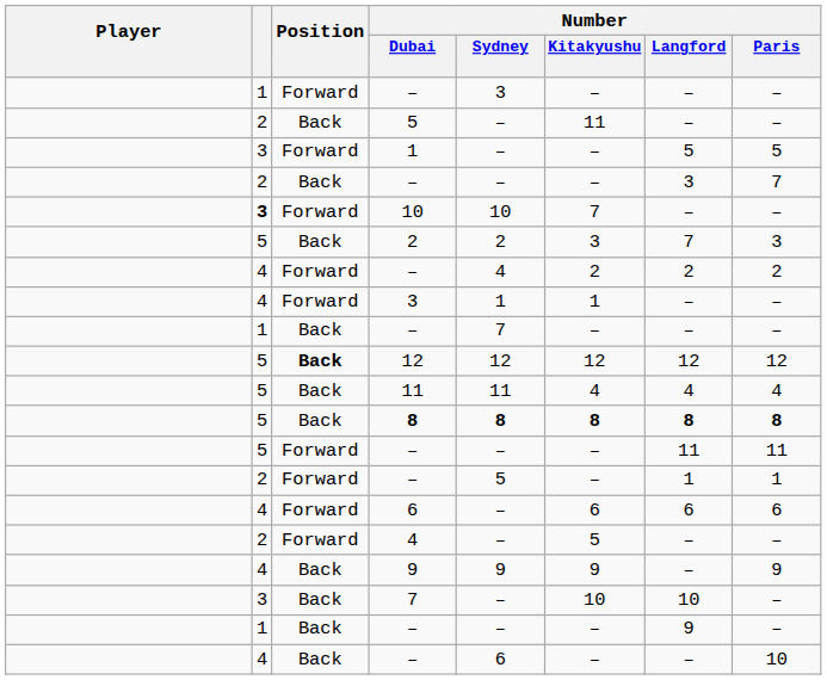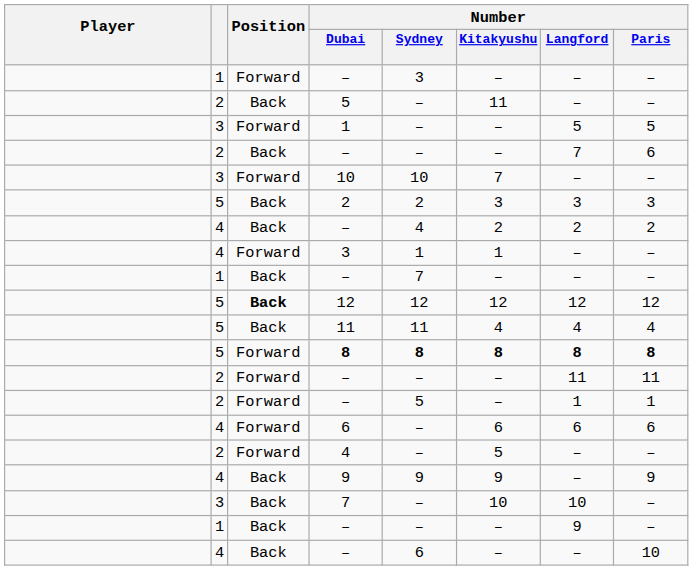 <table class="wikitable sortable" style="text-align:center;">
 <tr>
 <th rowspan="2" style="border-bottom:0; width:13em;">Player</th>
 <th rowspan="2" style="border-bottom:0;"></th>
 <th rowspan="2" style="border-bottom:0;">Position</th>
 <th colspan=5>Number</th>
 </tr>
 <tr>
 <th style="vertical-align:top; width:5.2em; border-bottom:0; padding:2px; font-size:85%;"><a href='#'>Dubai</a></th>
 <th style="vertical-align:top; width:5.2em; border-bottom:0; padding:2px; font-size:85%;"><a href='#'>Sydney</a></th>
 <th style="vertical-align:top; width:5.2em; border-bottom:0; padding:2px; font-size:85%;"><a href='#'>Kitakyushu</a></th>
 <th style="vertical-align:top; width:5.2em; border-bottom:0; padding:2px; font-size:85%;"><a href='#'>Langford</a></th>
 <th style="vertical-align:top; width:5.2em; border-bottom:0; padding:2px; font-size:85%;"><a href='#'>Paris</a></th>
 </tr>
 <tr style="line-height:8px;">
 <th style="border-top:0;"> </th>
 <th style="border-top:0;"></th>
 <th style="border-top:0;"></th>
 <th data-sort-type="number" style="border-top:0;"></th>
 <th data-sort-type="number" style="border-top:0;"></th>
 <th data-sort-type="number" style="border-top:0;"></th>
 <th data-sort-type="number" style="border-top:0;"></th>
 <th data-sort-type="number" style="border-top:0;"></th>
 </tr>
 <tr>
 <td align=left></td>
 <td>1</td>
 <td>Forward</td>
 <td>–</td>
 <td>3</td>
 <td>–</td>
 <td>–</td>
 <td>–</td>
 </tr>
 <tr>
 <td align=left></td>
 <td>2</td>
 <td>Back</td>
 <td>5</td>
 <td>–</td>
 <td>11</td>
 <td>–</td>
 <td>–</td>
 </tr>
 <tr>
 <td align=left></td>
 <td>3</td>
 <td>Forward</td>
 <td>1</td>
 <td>–</td>
 <td>–</td>
 <td>5</td>
 <td>5</td>
 </tr>
 <tr>
 <td align=left></td>
 <td>2</td>
 <td>Back</td>
 <td>–</td>
 <td>–</td>
 <td>–</td>
-<td>3</td>
 <td>7</td>
+<td>6</td>
 </tr>
 <tr>
 <td align=left></td>
-<td><strong>3</strong></td>
+<td>3</td>
 <td>Forward</td>
 <td>10</td>
 <td>10</td>
 <td>7</td>
 <td>–</td>
 <td>–</td>
 </tr>
 <tr>
 <td align=left></td>
 <td>5</td>
 <td>Back</td>
 <td>2</td>
 <td>2</td>
 <td>3</td>
-<td>7</td>
+<td>3</td>
 <td>3</td>
 </tr>
 <tr>
 <td align=left></td>
 <td>4</td>
-<td>Forward</td>
+<td>Back</td>
 <td>–</td>
 <td>4</td>
 <td>2</td>
 <td>2</td>
 <td>2</td>
 </tr>
 <tr>
 <td align=left></td>
 <td>4</td>
 <td>Forward</td>
 <td>3</td>
 <td>1</td>
 <td>1</td>
 <td>–</td>
 <td>–</td>
 </tr>
 <tr>
 <td align=left></td>
 <td>1</td>
 <td>Back</td>
 <td>–</td>
 <td>7</td>
 <td>–</td>
 <td>–</td>
 <td>–</td>
 </tr>
 <tr>
 <td align=left></td>
 <td>5</td>
 <td><strong>Back</strong></td>
 <td>12</td>
 <td>12</td>
 <td>12</td>
 <td>12</td>
 <td>12</td>
 </tr>
 <tr>
 <td align=left></td>
 <td>5</td>
 <td>Back</td>
 <td>11</td>
 <td>11</td>
 <td>4</td>
 <td>4</td>
 <td>4</td>
 </tr>
 <tr>
 <td align=left></td>
 <td>5</td>
-<td>Back</td>
+<td>Forward</td>
 <td><strong>8</strong></td>
 <td><strong>8</strong></td>
 <td><strong>8</strong></td>
 <td><strong>8</strong></td>
 <td><strong>8</strong></td>
 </tr>
 <tr>
 <td align=left></td>
-<td>5</td>
+<td>2</td>
 <td>Forward</td>
 <td>–</td>
 <td>–</td>
 <td>–</td>
 <td>11</td>
 <td>11</td>
 </tr>
 <tr>
 <td align=left></td>
 <td>2</td>
 <td>Forward</td>
 <td>–</td>
 <td>5</td>
 <td>–</td>
 <td>1</td>
 <td>1</td>
 </tr>
 <tr>
 <td align=left></td>
 <td>4</td>
 <td>Forward</td>
 <td>6</td>
 <td>–</td>
 <td>6</td>
 <td>6</td>
 <td>6</td>
 </tr>
 <tr>
 <td align=left></td>
 <td>2</td>
 <td>Forward</td>
 <td>4</td>
 <td>–</td>
 <td>5</td>
 <td>–</td>
 <td>–</td>
 </tr>
 <tr>
 <td align=left></td>
 <td>4</td>
 <td>Back</td>
 <td>9</td>
 <td>9</td>
 <td>9</td>
 <td>–</td>
 <td>9</td>
 </tr>
 <tr>
 <td align=left></td>
 <td>3</td>
 <td>Back</td>
 <td>7</td>
 <td>–</td>
 <td>10</td>
 <td>10</td>
 <td>–</td>
 </tr>
 <tr>
 <td align=left></td>
 <td>1</td>
 <td>Back</td>
 <td>–</td>
 <td>–</td>
 <td>–</td>
 <td>9</td>
 <td>–</td>
 </tr>
 <tr>
 <td align=left></td>
 <td>4</td>
 <td>Back</td>
 <td>–</td>
 <td>6</td>
 <td>–</td>
 <td>–</td>
 <td>10</td>
 </tr>
 </table>
